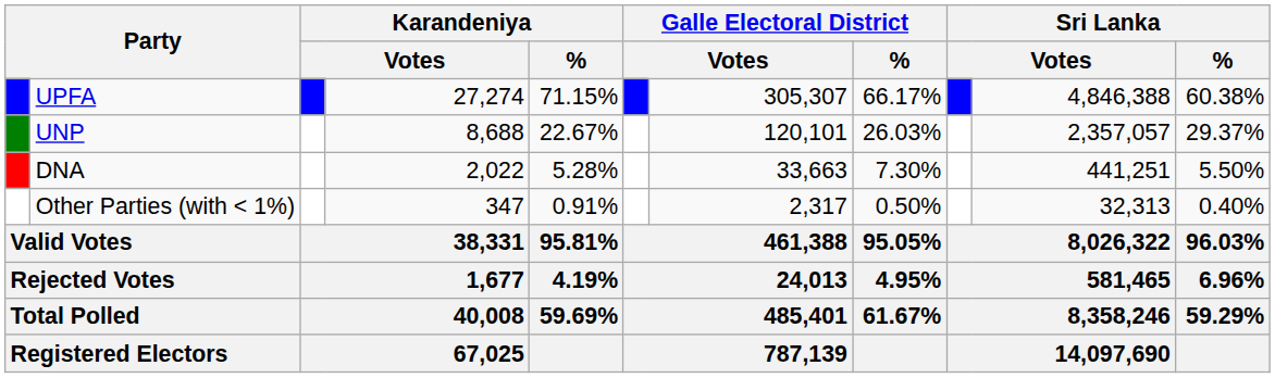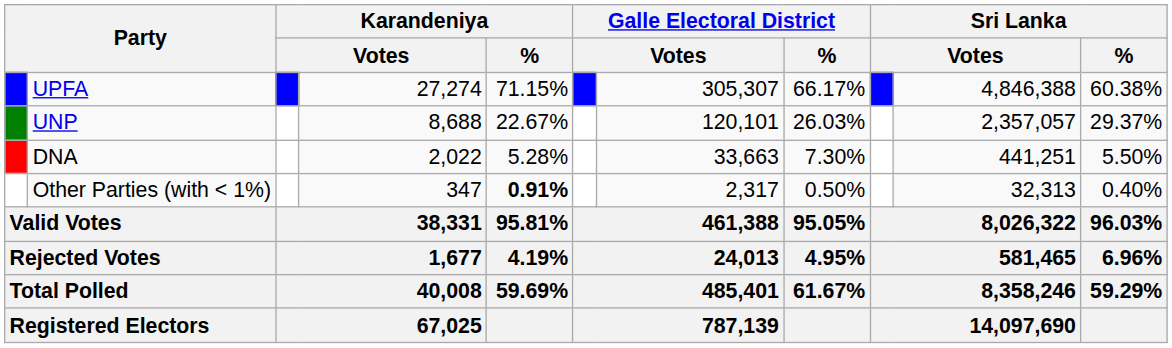 <table class="wikitable">
 <tr>
 <th colspan="2" width="144px"rowspan="2">Party</th>
 <th colspan="3" width="216px">Karandeniya</th>
 <th colspan="3" width="216px"><a href='#'>Galle Electoral District</a></th>
 <th colspan="3" width="216px">Sri Lanka</th>
 </tr>
 <tr>
 <th colspan="2" width="144px">Votes</th>
 <th>%</th>
 <th colspan="2" width="144px">Votes</th>
 <th>%</th>
 <th colspan="2" width="144px">Votes</th>
 <th>%</th>
 </tr>
 <tr>
 <td style="background-color:blue;" width="10px"></td>
 <td style="text-align:left;"><a href='#'>UPFA</a></td>
 <td style="background-color:blue;" width="10px"></td>
 <td style="text-align:right;">27,274</td>
 <td style="text-align:right;">71.15%</td>
 <td style="background-color:blue;" width="10px"></td>
 <td style="text-align:right;">305,307</td>
 <td style="text-align:right;">66.17%</td>
 <td style="background-color:blue;" width="10px"></td>
 <td style="text-align:right;">4,846,388</td>
 <td style="text-align:right;">60.38%</td>
 </tr>
 <tr>
 <td style="background-color:green;" width="10px"></td>
 <td style="text-align:left;"><a href='#'>UNP</a></td>
 <td style="background-color:white;" width="10px"></td>
 <td style="text-align:right;">8,688</td>
 <td style="text-align:right;">22.67%</td>
 <td style="background-color:white;" width="10px"></td>
 <td style="text-align:right;">120,101</td>
 <td style="text-align:right;">26.03%</td>
 <td style="background-color:white;" width="10px"></td>
 <td style="text-align:right;">2,357,057</td>
 <td style="text-align:right;">29.37%</td>
 </tr>
 <tr>
 <td style="background-color:red;" width="10px"></td>
 <td style="text-align:left;">DNA</td>
 <td style="background-color:white;" width="10px"></td>
 <td style="text-align:right;">2,022</td>
 <td style="text-align:right;">5.28%</td>
 <td style="background-color:white;" width="10px"></td>
 <td style="text-align:right;">33,663</td>
 <td style="text-align:right;">7.30%</td>
 <td style="background-color:white;" width="10px"></td>
 <td style="text-align:right;">441,251</td>
 <td style="text-align:right;">5.50%</td>
 </tr>
 <tr>
 <td style="background-color:white;" width="10px"></td>
 <td style="text-align:left;">Other Parties (with < 1%)</td>
 <td style="background-color:white;" width="10px"></td>
 <td style="text-align:right;">347</td>
-<td style="text-align:right;">0.91%</td>
+<td style="text-align:right;"><strong>0.91%</strong></td>
 <td style="background-color:white;" width="10px"></td>
 <td style="text-align:right;">2,317</td>
 <td style="text-align:right;">0.50%</td>
 <td style="background-color:white;" width="10px"></td>
 <td style="text-align:right;">32,313</td>
 <td style="text-align:right;">0.40%</td>
 </tr>
 <tr>
 <th colspan="2" width="144px"style="text-align:left;">Valid Votes</th>
 <th style="text-align:right;"colspan="2" width="144px">38,331</th>
 <th style="text-align:right;">95.81%</th>
 <th style="text-align:right;"colspan="2" width="144px">461,388</th>
 <th style="text-align:right;">95.05%</th>
 <th style="text-align:right;"colspan="2" width="144px">8,026,322</th>
 <th style="text-align:right;">96.03%</th>
 </tr>
 <tr>
 <th colspan="2" width="144px"style="text-align:left;">Rejected Votes</th>
 <th style="text-align:right;"colspan="2" width="144px">1,677</th>
 <th style="text-align:right;">4.19%</th>
 <th style="text-align:right;"colspan="2" width="144px">24,013</th>
 <th style="text-align:right;">4.95%</th>
 <th style="text-align:right;"colspan="2" width="144px">581,465</th>
 <th style="text-align:right;">6.96%</th>
 </tr>
 <tr>
 <th colspan="2" width="144px"style="text-align:left;">Total Polled</th>
 <th style="text-align:right;"colspan="2" width="144px">40,008</th>
 <th style="text-align:right;">59.69%</th>
 <th style="text-align:right;"colspan="2" width="144px">485,401</th>
 <th style="text-align:right;">61.67%</th>
 <th style="text-align:right;"colspan="2" width="144px">8,358,246</th>
 <th style="text-align:right;">59.29%</th>
 </tr>
 <tr>
 <th colspan="2" width="144px"style="text-align:left;">Registered Electors</th>
 <th style="text-align:right;"colspan="2" width="144px">67,025</th>
 <th></th>
 <th style="text-align:right;"colspan="2" width="144px">787,139</th>
 <th></th>
 <th style="text-align:right;"colspan="2" width="144px">14,097,690</th>
 <th></th>
 </tr>
 </table>
